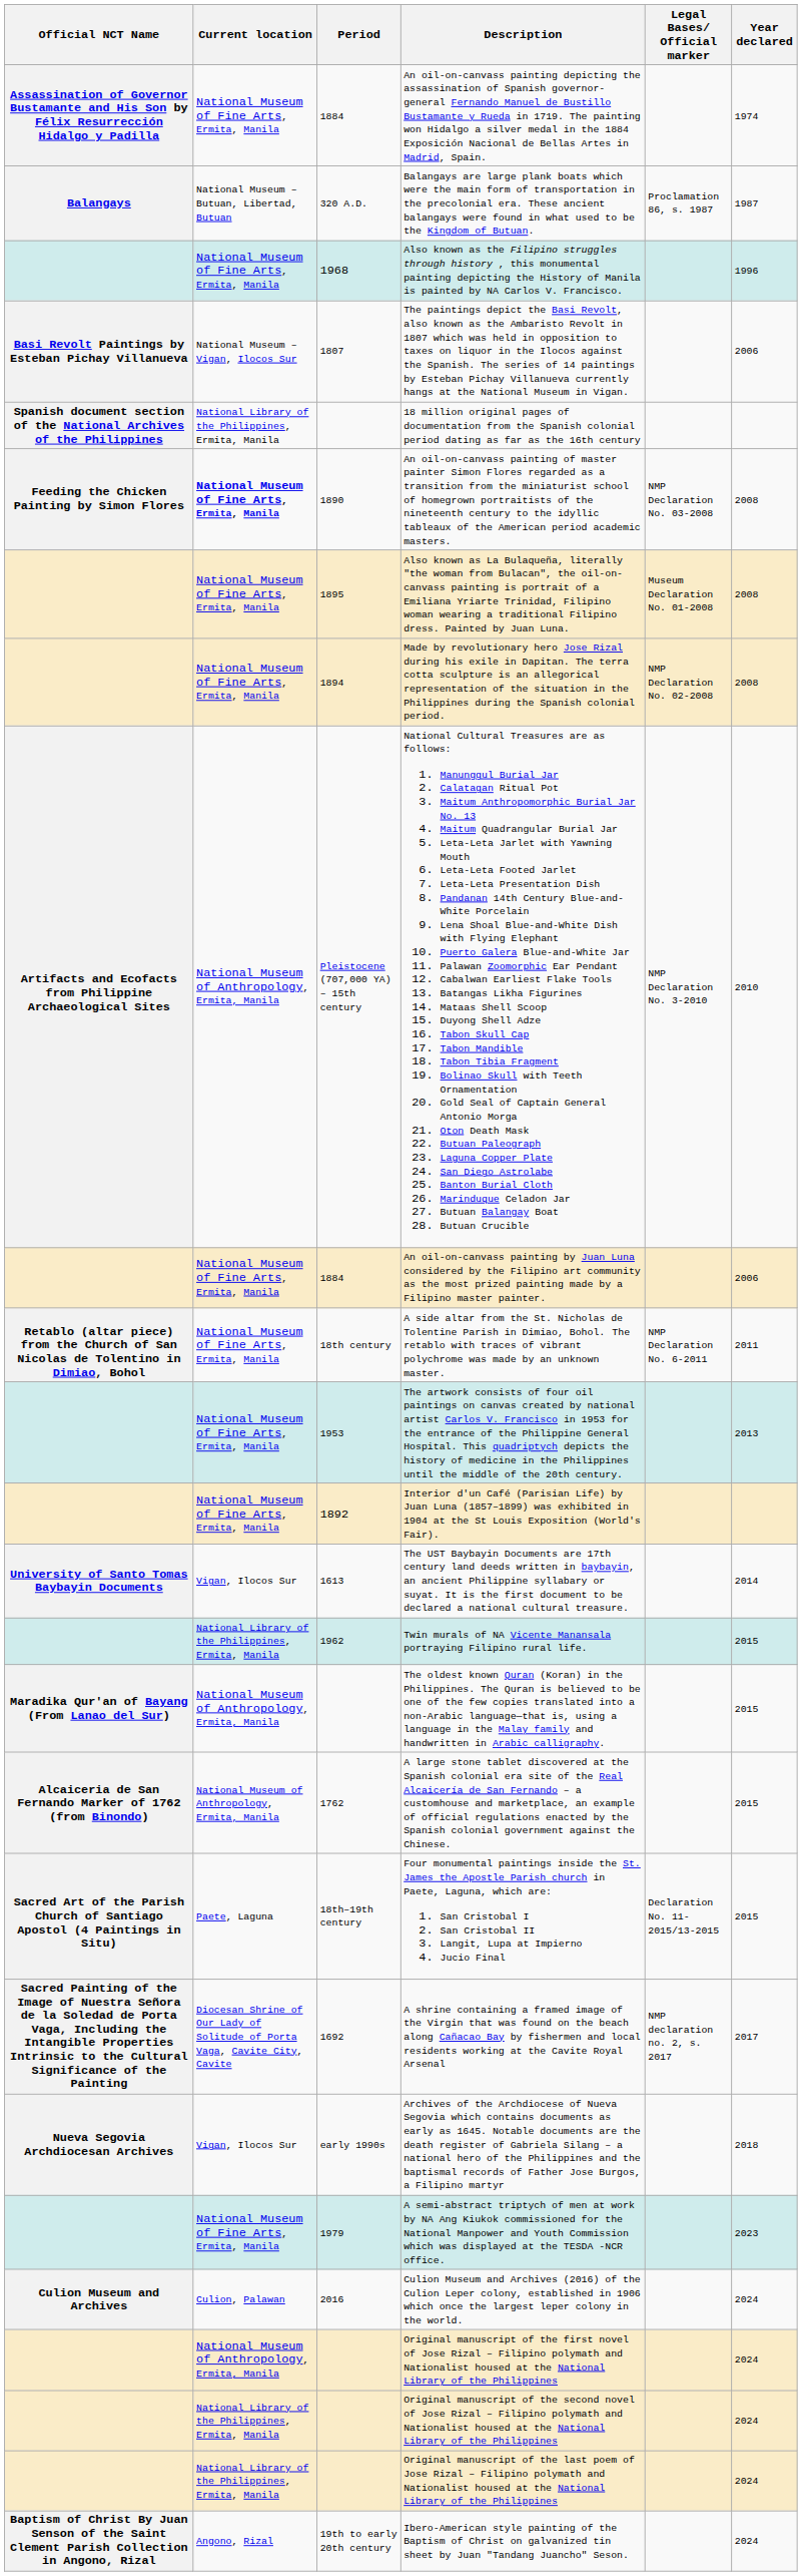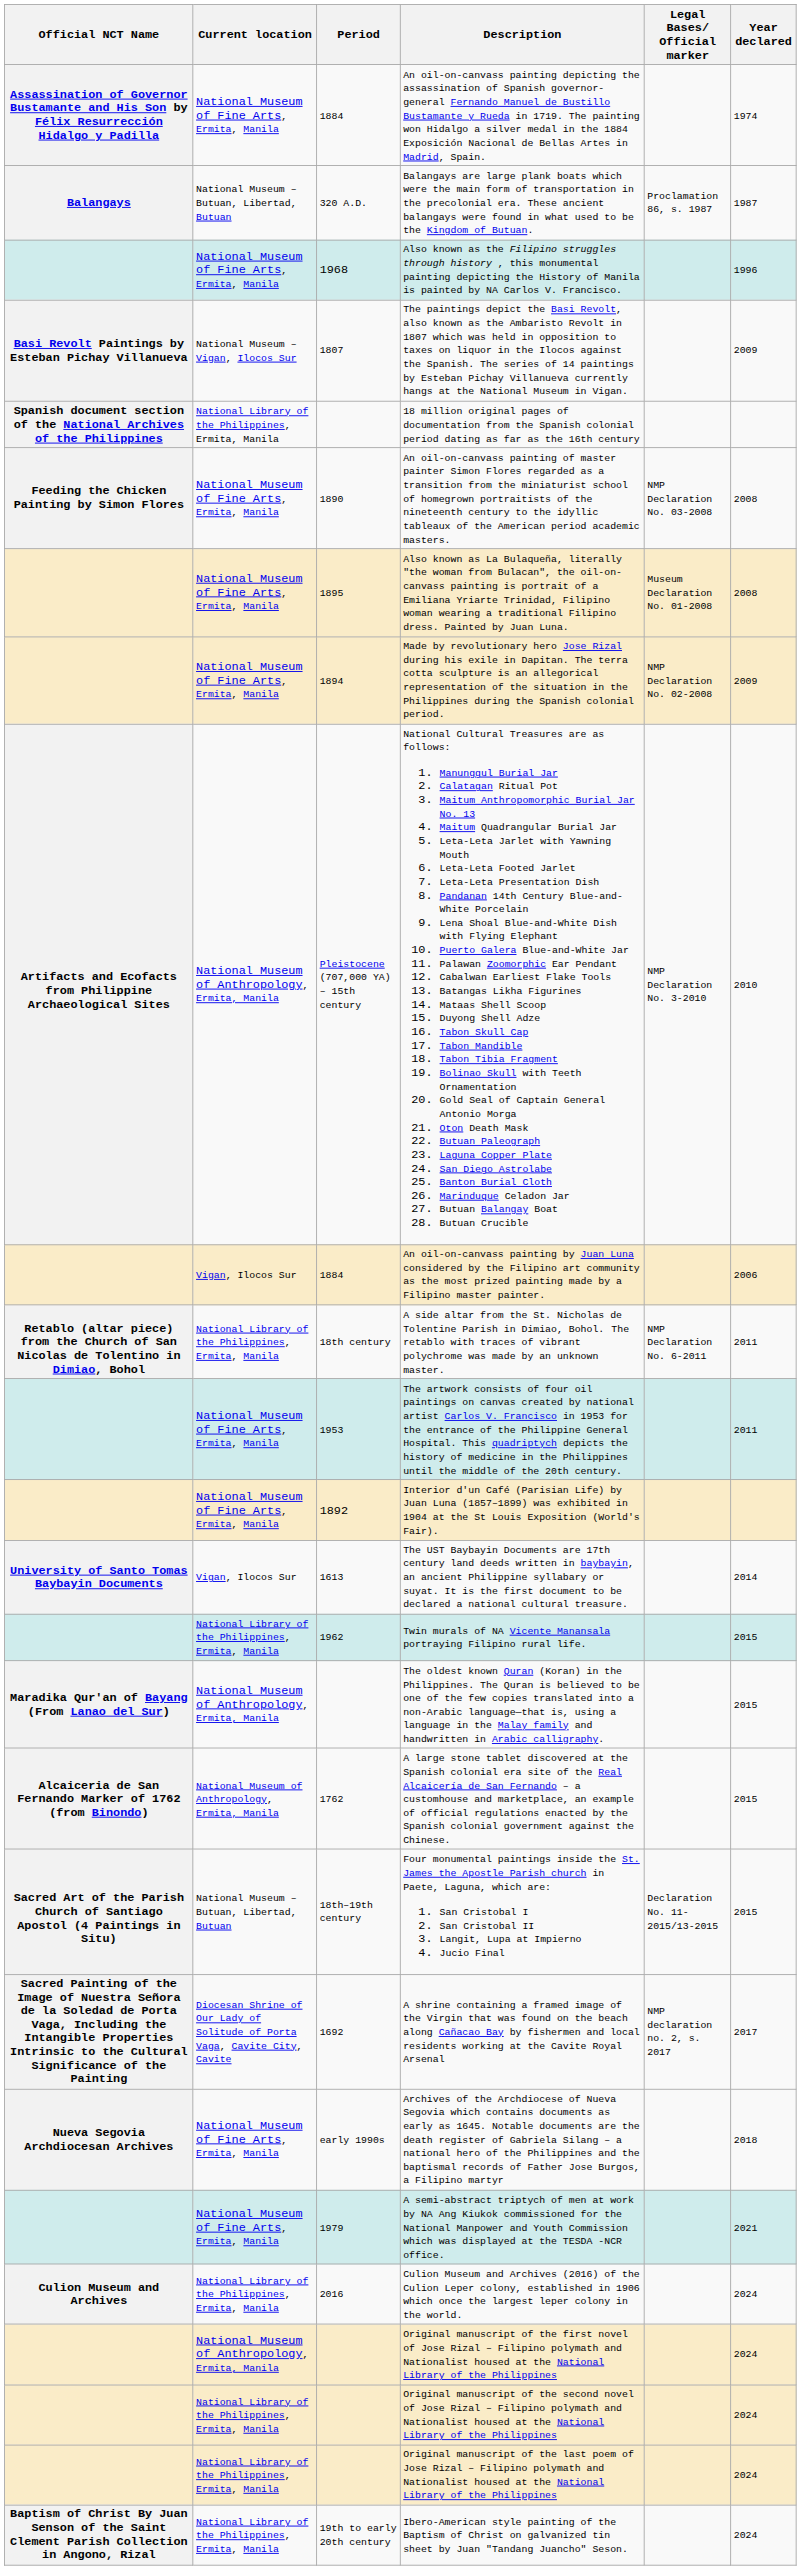 <table class="wikitable sortable plainrowheaders toptextcells">
 <tr>
 <th>Official NCT Name</th>
 <th>Current location</th>
 <th>Period</th>
 <th class="unsortable">Description</th>
 <th>Legal Bases/ Official marker</th>
 <th>Year declared</th>
 </tr>
 <tr>
 <th scope="row"><strong><a href='#'>Assassination of Governor Bustamante and His Son</a> by <a href='#'>Félix Resurrección Hidalgo y Padilla</a></strong></th>
 <td><a href='#'>National Museum of Fine Arts</a><small>, <a href='#'>Ermita</a>, <a href='#'>Manila</a></small></td>
 <td><small>1884</small></td>
 <td><small>An oil-on-canvass painting depicting the assassination of Spanish governor-general <a href='#'>Fernando Manuel de Bustillo Bustamante y Rueda</a> in 1719. The painting won Hidalgo a silver medal in the 1884 Exposición Nacional de Bellas Artes in <a href='#'>Madrid</a>, Spain.</small></td>
 <td></td>
 <td><small>1974</small></td>
 </tr>
 <tr>
 <th><a href='#'>Balangays</a></th>
 <td><small>National Museum – Butuan, Libertad, <a href='#'>Butuan</a></small></td>
 <td><small>320 A.D.</small></td>
 <td><small>Balangays are large plank boats which were the main form of transportation in the precolonial era. These ancient balangays were found in what used to be the <a href='#'>Kingdom of Butuan</a>.</small></td>
 <td><small>Proclamation 86, s. 1987</small></td>
 <td><small>1987</small></td>
 </tr>
 <tr style="background-color: #CFECEC;">
 <td></td>
 <td><a href='#'>National Museum of Fine Arts</a><small>, <a href='#'>Ermita</a>, <a href='#'>Manila</a></small></td>
 <td>1968</td>
 <td><small>Also known as the <em>Filipino struggles through history</em> , this monumental painting depicting the History of Manila is painted by NA Carlos V. Francisco.</small></td>
 <td></td>
 <td><small>1996</small></td>
 </tr>
 <tr>
 <th><a href='#'>Basi Revolt</a> Paintings by Esteban Pichay Villanueva</th>
 <td><small>National Museum – <a href='#'>Vigan</a>, <a href='#'>Ilocos Sur</a></small></td>
 <td><small>1807</small></td>
 <td><small>The paintings depict the <a href='#'>Basi Revolt</a>, also known as the Ambaristo Revolt in 1807 which was held in opposition to taxes on liquor in the Ilocos against the Spanish. The series of 14 paintings by Esteban Pichay Villanueva currently hangs at the National Museum in Vigan.</small></td>
 <td></td>
-<td><small>2006</small></td>
+<td><small>2009</small></td>
 </tr>
 <tr>
 <th>Spanish document section of the <a href='#'>National Archives of the Philippines</a></th>
 <td><small><a href='#'>National Library of the Philippines</a>, Ermita, Manila</small></td>
 <td></td>
 <td><small>18 million original pages of documentation from the Spanish colonial period dating as far as the 16th century</small></td>
 <td></td>
 <td><small></small></td>
 </tr>
 <tr>
 <th>Feeding the Chicken Painting by Simon Flores</th>
-<td><strong><a href='#'>National Museum of Fine Arts</a><small>, <a href='#'>Ermita</a>, <a href='#'>Manila</a></small></strong></td>
+<td><a href='#'>National Museum of Fine Arts</a><small>, <a href='#'>Ermita</a>, <a href='#'>Manila</a></small></td>
 <td><small>1890</small></td>
 <td><small>An oil-on-canvass painting of master painter Simon Flores regarded as a transition from the miniaturist school of homegrown portraitists of the nineteenth century to the idyllic tableaux of the American period academic masters.</small></td>
 <td><small>NMP Declaration No. 03-2008</small></td>
 <td><small>2008</small></td>
 </tr>
 <tr style="background-color:#faecc8;">
 <td></td>
 <td><a href='#'>National Museum of Fine Arts</a><small>, <a href='#'>Ermita</a>, <a href='#'>Manila</a></small></td>
 <td><small>1895</small></td>
 <td><small>Also known as La Bulaqueña, literally "the woman from Bulacan", the oil-on-canvass painting is portrait of a Emiliana Yriarte Trinidad, Filipino woman wearing a traditional Filipino dress. Painted by Juan Luna.</small></td>
 <td><small>Museum Declaration No. 01-2008</small></td>
 <td><small>2008</small></td>
 </tr>
 <tr style="background-color:#faecc8;">
 <td></td>
 <td><a href='#'>National Museum of Fine Arts</a><small>, <a href='#'>Ermita</a>, <a href='#'>Manila</a></small></td>
 <td><small>1894</small></td>
 <td><small>Made by revolutionary hero <a href='#'>Jose Rizal</a> during his exile in Dapitan. The terra cotta sculpture is an allegorical representation of the situation in the Philippines during the Spanish colonial period.</small></td>
 <td><small>NMP Declaration No. 02-2008</small></td>
-<td><small>2008</small></td>
+<td><small>2009</small></td>
 </tr>
 <tr>
 <th><br>Artifacts and Ecofacts from Philippine Archaeological Sites</th>
 <td><a href='#'>National Museum of Anthropology</a><small>, <a href='#'>Ermita, Manila</a></small></td>
 <td><small><a href='#'>Pleistocene</a> (707,000 YA) – 15th century</small></td>
 <td><small>National Cultural Treasures are as follows:</small><br><ol><li><small><a href='#'>Manunggul Burial Jar</a></small></li><li><small><a href='#'>Calatagan</a> Ritual Pot</small></li><li><small><a href='#'>Maitum Anthropomorphic Burial Jar No. 13</a></small></li><li><small><a href='#'>Maitum</a> Quadrangular Burial Jar</small></li><li><small>Leta-Leta Jarlet with Yawning Mouth</small></li><li><small>Leta-Leta Footed Jarlet</small></li><li><small>Leta-Leta Presentation Dish</small></li><li><small><a href='#'>Pandanan</a> 14th Century Blue-and-White Porcelain</small></li><li><small>Lena Shoal Blue-and-White Dish with Flying Elephant</small></li><li><small><a href='#'>Puerto Galera</a> Blue-and-White Jar</small></li><li><small>Palawan <a href='#'>Zoomorphic</a> Ear Pendant</small></li><li><small>Cabalwan Earliest Flake Tools</small></li><li><small>Batangas Likha Figurines</small></li><li><small>Mataas Shell Scoop</small></li><li><small>Duyong Shell Adze</small></li><li><small><a href='#'>Tabon Skull Cap</a></small></li><li><small><a href='#'>Tabon Mandible</a></small></li><li><small><a href='#'>Tabon Tibia Fragment</a></small></li><li><small><a href='#'>Bolinao Skull</a> with Teeth Ornamentation</small></li><li><small>Gold Seal of Captain General Antonio Morga</small></li><li><small><a href='#'>Oton</a> Death Mask</small></li><li><small><a href='#'>Butuan Paleograph</a></small></li><li><small><a href='#'>Laguna Copper Plate</a></small></li><li><small><a href='#'>San Diego Astrolabe</a></small></li><li><small><a href='#'>Banton Burial Cloth</a></small></li><li><small><a href='#'>Marinduque</a> Celadon Jar</small></li><li><small>Butuan <a href='#'>Balangay</a> Boat</small></li><li><small>Butuan Crucible</small></li></ol></td>
 <td><small>NMP Declaration No. 3-2010</small></td>
 <td><small>2010</small></td>
 </tr>
 <tr style="background-color:#faecc8;">
 <td></td>
-<td><a href='#'>National Museum of Fine Arts</a><small>, <a href='#'>Ermita</a>, <a href='#'>Manila</a></small></td>
+<td><small><a href='#'>Vigan</a>, Ilocos Sur</small></td>
 <td><small>1884</small></td>
 <td><small>An oil-on-canvass painting by <a href='#'>Juan Luna</a> considered by the Filipino art community as the most prized painting made by a Filipino master painter.</small></td>
 <td></td>
 <td><small>2006</small></td>
 </tr>
 <tr>
 <th><br>Retablo (altar piece) from the Church of San Nicolas de Tolentino in <a href='#'>Dimiao</a>, Bohol</th>
-<td><a href='#'>National Museum of Fine Arts</a><small>, <a href='#'>Ermita</a>, <a href='#'>Manila</a></small></td>
+<td><small><a href='#'>National Library of the Philippines</a>, <a href='#'>Ermita</a>, <a href='#'>Manila</a></small></td>
 <td><small>18th century</small></td>
 <td><small>A side altar from the St. Nicholas de Tolentine Parish in Dimiao, Bohol.</small> <small>The retablo with traces of vibrant polychrome was made by an unknown master.</small></td>
 <td><small>NMP Declaration No. 6-2011</small></td>
 <td><small>2011</small></td>
 </tr>
 <tr style="background-color:#CFECEC;">
 <td></td>
 <td><a href='#'>National Museum of Fine Arts</a><small>, <a href='#'>Ermita</a>, <a href='#'>Manila</a></small></td>
 <td><small>1953</small></td>
 <td><small>The artwork consists of four oil paintings on canvas created by national artist <a href='#'>Carlos V. Francisco</a> in 1953 for the entrance of the Philippine General Hospital. This <a href='#'>quadriptych</a> depicts the history of medicine in the Philippines until the middle of the 20th century.</small></td>
 <td></td>
-<td><small>2013</small></td>
+<td><small>2011</small></td>
 </tr>
 <tr style="background-color:#faecc8;">
 <td></td>
 <td><a href='#'>National Museum of Fine Arts</a><small>, <a href='#'>Ermita</a>, <a href='#'>Manila</a></small></td>
 <td>1892</td>
 <td><small>Interior d'un Café (Parisian Life) by Juan Luna (1857–1899) was exhibited in 1904 at the St Louis Exposition (World's Fair).</small></td>
 <td></td>
 <td></td>
 </tr>
 <tr>
 <th><a href='#'>University of Santo Tomas Baybayin Documents</a></th>
 <td><small><a href='#'>Vigan</a>, Ilocos Sur</small></td>
 <td><small>1613</small></td>
 <td><small>The UST Baybayin Documents are 17th century land deeds written in <a href='#'>baybayin</a>, an ancient Philippine syllabary or suyat. It is the first document to be declared a national cultural treasure.</small></td>
 <td></td>
 <td><small>2014</small></td>
 </tr>
 <tr style="background-color:#CFECEC;">
 <td></td>
 <td><small><a href='#'>National Library of the Philippines</a>, <a href='#'>Ermita</a>, <a href='#'>Manila</a></small></td>
 <td><small>1962</small></td>
 <td><small>Twin murals of NA <a href='#'>Vicente Manansala</a> portraying Filipino rural life.</small></td>
 <td></td>
 <td><small>2015</small></td>
 </tr>
 <tr>
 <th>Maradika Qur'an of <a href='#'>Bayang</a> (From <a href='#'>Lanao del Sur</a>)</th>
 <td><a href='#'>National Museum of Anthropology</a><small>, <a href='#'>Ermita, Manila</a></small></td>
 <td></td>
 <td><small>The oldest known <a href='#'>Quran</a> (Koran) in the Philippines. The Quran is believed to be one of the few copies translated into a non-Arabic language—that is, using a language in the <a href='#'>Malay family</a> and handwritten in <a href='#'>Arabic calligraphy</a>.</small></td>
 <td></td>
 <td><small>2015</small></td>
 </tr>
 <tr>
 <th>Alcaiceria de San Fernando Marker of 1762 (from <a href='#'>Binondo</a>)</th>
 <td><small><a href='#'>National Museum of Anthropology</a>, <a href='#'>Ermita, Manila</a></small></td>
 <td><small>1762</small></td>
 <td><small>A large stone tablet discovered at the Spanish colonial era site of the <a href='#'>Real Alcaicería de San Fernando</a> – a customhouse and marketplace, an example of official regulations enacted by the Spanish colonial government against the Chinese.</small></td>
 <td></td>
 <td><small>2015</small></td>
 </tr>
 <tr>
 <th><br>Sacred Art of the Parish Church of Santiago Apostol (4 Paintings in Situ)</th>
-<td><small><a href='#'>Paete</a>, Laguna</small></td>
+<td><small>National Museum – Butuan, Libertad, <a href='#'>Butuan</a></small></td>
 <td><small>18th–19th century</small></td>
 <td><small>Four monumental paintings inside the <a href='#'>St. James the Apostle Parish church</a> in Paete, Laguna, which are:</small><br><ol><li><small>San Cristobal I</small></li><li><small>San Cristobal II</small></li><li><small>Langit, Lupa at Impierno</small></li><li><small>Jucio Final</small></li></ol></td>
 <td><small>Declaration No. 11-2015/13-2015</small></td>
 <td><small>2015</small></td>
 </tr>
 <tr>
 <th>Sacred Painting of the Image of Nuestra Señora de la Soledad de Porta Vaga, Including the Intangible Properties Intrinsic to the Cultural Significance of the Painting</th>
 <td><small><a href='#'>Diocesan Shrine of Our Lady of Solitude of Porta Vaga</a>, <a href='#'>Cavite City</a>, <a href='#'>Cavite</a></small></td>
 <td><small>1692</small></td>
 <td><small>A shrine containing a framed image of the Virgin that was found on the beach along <a href='#'>Cañacao Bay</a> by fishermen and local residents working at the Cavite Royal Arsenal</small></td>
 <td><small>NMP declaration no. 2, s. 2017</small></td>
 <td><small>2017</small></td>
 </tr>
 <tr>
 <th>Nueva Segovia Archdiocesan Archives</th>
-<td><small><a href='#'>Vigan</a>, Ilocos Sur</small></td>
+<td><a href='#'>National Museum of Fine Arts</a><small>, <a href='#'>Ermita</a>, <a href='#'>Manila</a></small></td>
 <td><small>early 1990s</small></td>
 <td><small>Archives of the Archdiocese of Nueva Segovia which contains documents as early as 1645. Notable documents are the death register of Gabriela Silang – a national hero of the Philippines and the baptismal records of Father Jose Burgos, a Filipino martyr</small></td>
 <td></td>
 <td><small>2018</small></td>
 </tr>
 <tr style="background-color: #CFECEC;">
 <td></td>
 <td><a href='#'>National Museum of Fine Arts</a><small>, <a href='#'>Ermita</a>, <a href='#'>Manila</a></small></td>
 <td><small>1979</small></td>
 <td><small>A semi-abstract triptych of men at work by NA Ang Kiukok commissioned for the National Manpower and Youth Commission which was displayed at the TESDA -NCR office.</small></td>
 <td></td>
-<td><small>2023</small></td>
+<td><small>2021</small></td>
 </tr>
 <tr>
 <th>Culion Museum and Archives</th>
-<td><small><a href='#'>Culion</a>, <a href='#'>Palawan</a></small></td>
+<td><small><a href='#'>National Library of the Philippines</a>, <a href='#'>Ermita</a>, <a href='#'>Manila</a></small></td>
 <td><small>2016</small></td>
 <td><small>Culion Museum and Archives (2016) of the Culion Leper colony, established in 1906 which once the largest leper colony in the world.</small></td>
 <td></td>
 <td><small>2024</small></td>
 </tr>
 <tr style="background-color:#faecc8;">
 <td></td>
 <td><a href='#'>National Museum of Anthropology</a><small>, <a href='#'>Ermita, Manila</a></small></td>
 <td></td>
 <td><small>Original manuscript of the first novel of Jose Rizal – Filipino polymath and Nationalist housed at the <a href='#'>National Library of the Philippines</a></small></td>
 <td></td>
 <td><small>2024</small></td>
 </tr>
 <tr style="background-color:#faecc8;">
 <td></td>
 <td><small><a href='#'>National Library of the Philippines</a>, <a href='#'>Ermita</a>, <a href='#'>Manila</a></small></td>
 <td></td>
 <td><small>Original manuscript of the second novel of Jose Rizal – Filipino polymath and Nationalist housed at the <a href='#'>National Library of the Philippines</a></small></td>
 <td></td>
 <td><small>2024</small></td>
 </tr>
 <tr style="background-color:#faecc8;">
 <td></td>
 <td><small><a href='#'>National Library of the Philippines</a>, <a href='#'>Ermita</a>, <a href='#'>Manila</a></small></td>
 <td></td>
 <td><small>Original manuscript of the last poem of Jose Rizal – Filipino polymath and Nationalist housed at the <a href='#'>National Library of the Philippines</a></small></td>
 <td></td>
 <td><small>2024</small></td>
 </tr>
 <tr>
 <th>Baptism of Christ By Juan Senson of the Saint Clement Parish Collection in Angono, Rizal</th>
-<td><small><a href='#'>Angono</a>, <a href='#'>Rizal</a></small></td>
+<td><small><a href='#'>National Library of the Philippines</a>, <a href='#'>Ermita</a>, <a href='#'>Manila</a></small></td>
 <td><small>19th to early 20th century</small></td>
 <td><small>Ibero-American style painting of the Baptism of Christ on galvanized tin sheet by Juan "Tandang Juancho" Seson.</small></td>
 <td></td>
 <td><small>2024</small></td>
 </tr>
 </table>
